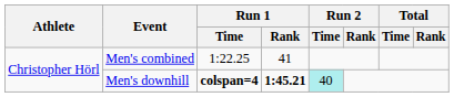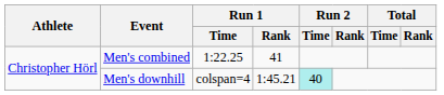 <table class="wikitable" style="font-size:90%">
 <tr>
 <th rowspan=2>Athlete</th>
 <th rowspan=2>Event</th>
 <th colspan=2>Run 1</th>
 <th colspan=2>Run 2</th>
 <th colspan=2>Total</th>
 </tr>
 <tr style="font-size:95%">
 <th>Time</th>
 <th>Rank</th>
 <th>Time</th>
 <th>Rank</th>
 <th>Time</th>
 <th>Rank</th>
 </tr>
 <tr align=center>
 <td align=left rowspan=2><a href='#'>Christopher Hörl</a></td>
 <td align=left><a href='#'>Men's combined</a></td>
 <td>1:22.25</td>
 <td>41</td>
 <td colspan=2></td>
 <td colspan=2></td>
 </tr>
 <tr align=center>
 <td align=left><a href='#'>Men's downhill</a></td>
-<td><strong>colspan=4 </strong></td>
-<td><strong>1:45.21</strong></td>
+<td>colspan=4 </td>
+<td>1:45.21</td>
 <td style="background: paleturquoise;">40</td>
 </tr>
 </table>
